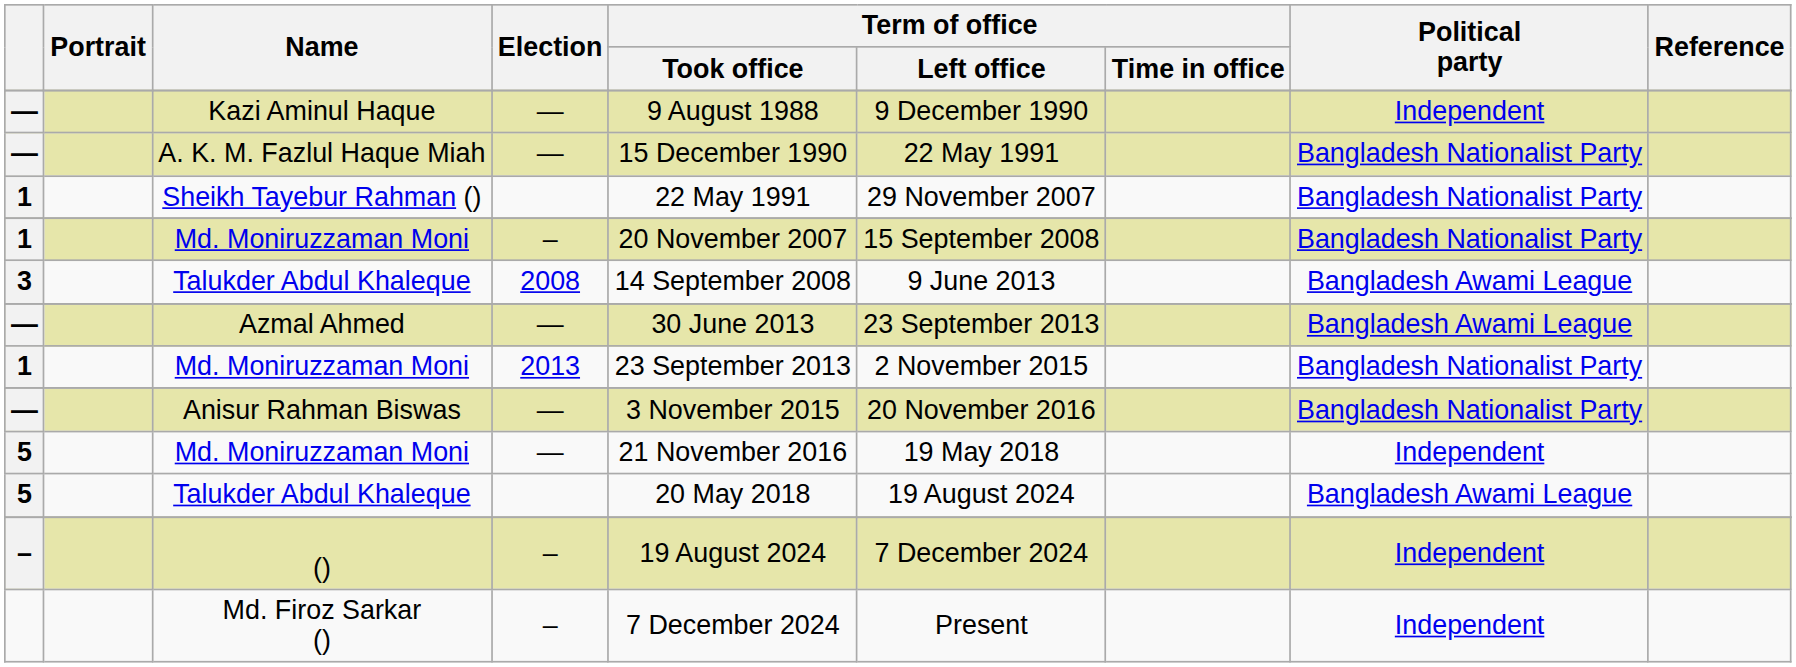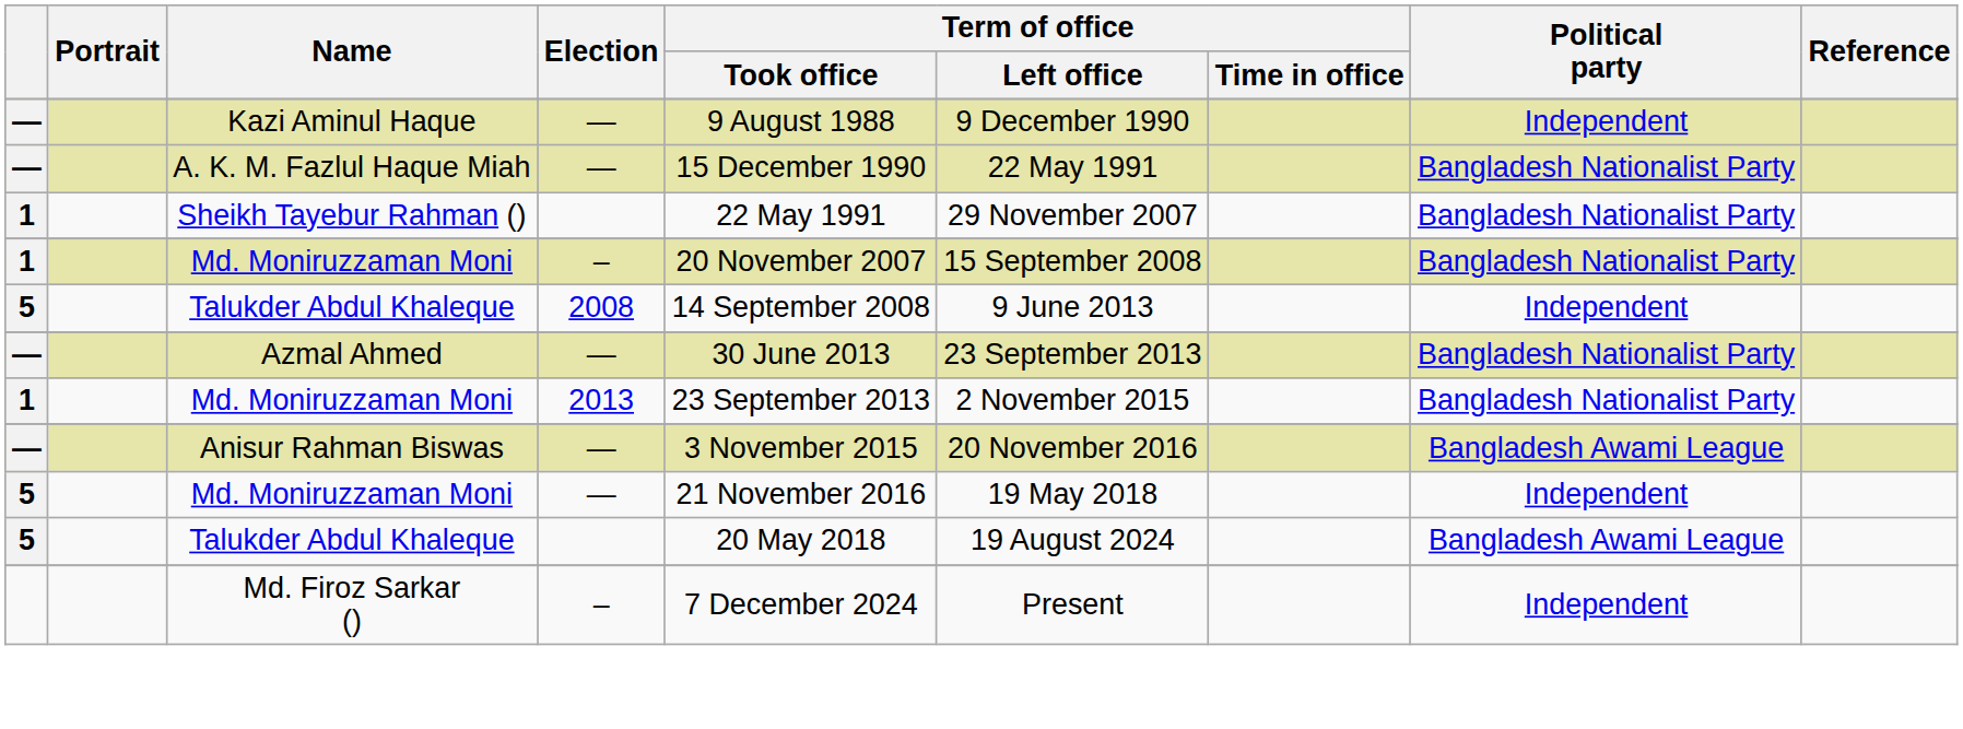 <table class="wikitable" style="text-align:center">
 <tr>
 <th rowspan="2"></th>
 <th rowspan="2">Portrait</th>
 <th rowspan="2">Name<br></th>
 <th rowspan="2">Election</th>
 <th colspan="3"><strong>Term of office</strong></th>
 <th rowspan="2"><strong>Political<br> party</strong></th>
 <th rowspan="2"><strong>Reference</strong></th>
 </tr>
 <tr>
 <th><strong>Took office</strong></th>
 <th><strong>Left office</strong></th>
 <th><strong>Time in office</strong></th>
 </tr>
 <tr>
 </tr>
 <tr style="background:#e6e6aa;">
 <th style="background:">—</th>
 <td align=center></td>
 <td>Kazi Aminul Haque</td>
 <td>—</td>
 <td align=center>9 August 1988</td>
 <td align=center>9 December 1990</td>
 <td></td>
 <td><a href='#'>Independent</a></td>
 <td></td>
 </tr>
 <tr style="background:#e6e6aa;">
 <th style="background:">—</th>
 <td align=center></td>
 <td>A. K. M. Fazlul Haque Miah</td>
 <td>—</td>
 <td align=center>15 December 1990</td>
 <td align=center>22 May 1991</td>
 <td></td>
 <td><a href='#'>Bangladesh Nationalist Party</a></td>
 <td></td>
 </tr>
 <tr>
 <th style="background:">1</th>
 <td align=center></td>
 <td><a href='#'>Sheikh Tayebur Rahman</a> ()</td>
 <td></td>
 <td align=center>22 May 1991</td>
 <td align=center>29 November 2007</td>
 <td></td>
 <td><a href='#'>Bangladesh Nationalist Party</a></td>
 <td></td>
 </tr>
 <tr>
 </tr>
 <tr style="background:#e6e6aa;">
 <th style="background:">1</th>
 <td align=center></td>
 <td><a href='#'>Md. Moniruzzaman Moni</a></td>
 <td>–</td>
 <td align=center>20 November 2007</td>
 <td align=center>15 September 2008</td>
 <td></td>
 <td><a href='#'>Bangladesh Nationalist Party</a></td>
 <td></td>
 </tr>
 <tr>
-<th style="background:">3</th>
+<th style="background:">5</th>
 <td align=center></td>
 <td><a href='#'>Talukder Abdul Khaleque</a></td>
 <td><a href='#'>2008</a></td>
 <td align=center>14 September 2008</td>
 <td align=center>9 June 2013</td>
 <td></td>
-<td><a href='#'>Bangladesh Awami League</a></td>
+<td><a href='#'>Independent</a></td>
 <td></td>
 </tr>
 <tr>
 </tr>
 <tr style="background:#e6e6aa;">
 <th style="background:">—</th>
 <td align=center></td>
 <td>Azmal Ahmed</td>
 <td>—</td>
 <td align=center>30 June 2013</td>
 <td align=center>23 September 2013</td>
 <td></td>
-<td><a href='#'>Bangladesh Awami League</a></td>
+<td><a href='#'>Bangladesh Nationalist Party</a></td>
 <td></td>
 </tr>
 <tr>
 <th style="background:">1</th>
 <td align=center></td>
 <td><a href='#'>Md. Moniruzzaman Moni</a></td>
 <td><a href='#'>2013</a></td>
 <td align=center>23 September 2013</td>
 <td align=center>2 November 2015</td>
 <td></td>
 <td><a href='#'>Bangladesh Nationalist Party</a></td>
 <td></td>
 </tr>
 <tr>
 </tr>
 <tr style="background:#e6e6aa;">
 <th style="background:">—</th>
 <td align=center></td>
 <td>Anisur Rahman Biswas</td>
 <td>—</td>
 <td align=center>3 November 2015</td>
 <td align=center>20 November 2016</td>
 <td></td>
-<td><a href='#'>Bangladesh Nationalist Party</a></td>
+<td><a href='#'>Bangladesh Awami League</a></td>
 <td></td>
 </tr>
 <tr>
 <th style="background:">5</th>
 <td align=center></td>
 <td><a href='#'>Md. Moniruzzaman Moni</a></td>
 <td>—</td>
 <td align=center>21 November 2016</td>
 <td align=center>19 May 2018</td>
 <td></td>
 <td><a href='#'>Independent</a></td>
 <td></td>
 </tr>
 <tr>
 <th style="background:">5</th>
 <td align=center></td>
 <td><a href='#'>Talukder Abdul Khaleque</a></td>
 <td></td>
 <td align=center>20 May 2018</td>
 <td align=center>19 August 2024</td>
 <td></td>
 <td><a href='#'>Bangladesh Awami League</a></td>
 <td></td>
 </tr>
 <tr>
 </tr>
-<tr style="background:#e6e6aa;">
-<th style="background:">–</th>
-<td align=center></td>
-<td><br>()</td>
-<td>–</td>
-<td align=center>19 August 2024</td>
-<td align=center>7 December 2024</td>
-<td></td>
-<td><a href='#'>Independent</a></td>
-<td></td>
-</tr>
 <tr>
 <td></td>
 <td align="center"></td>
 <td>Md. Firoz Sarkar<br>()</td>
 <td>–</td>
 <td align="center">7 December 2024</td>
 <td align="center">Present</td>
 <td></td>
 <td><a href='#'>Independent</a></td>
 <td></td>
 </tr>
 </table>
